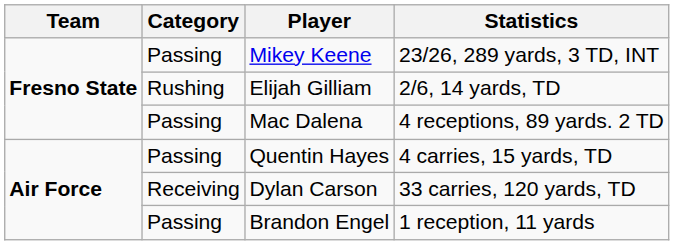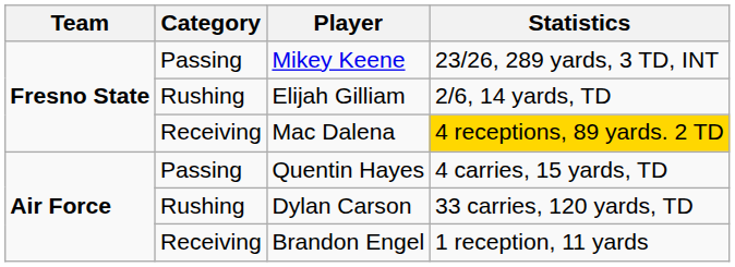 <table class="wikitable" style="float: right;">
 <tr>
 <th>Team</th>
 <th>Category</th>
 <th>Player</th>
 <th>Statistics</th>
 </tr>
 <tr>
 <td rowspan=3><strong>Fresno State</strong></td>
 <td>Passing</td>
 <td><a href='#'>Mikey Keene</a></td>
 <td>23/26, 289 yards, 3 TD, INT</td>
 </tr>
 <tr>
 <td>Rushing</td>
 <td>Elijah Gilliam</td>
 <td>2/6, 14 yards, TD</td>
 </tr>
 <tr>
-<td>Passing</td>
+<td>Receiving</td>
 <td>Mac Dalena</td>
-<td>4 receptions, 89 yards. 2 TD</td>
+<td style="background: gold;">4 receptions, 89 yards. 2 TD</td>
 </tr>
 <tr>
 <td rowspan=3><strong>Air Force</strong></td>
 <td>Passing</td>
 <td>Quentin Hayes</td>
 <td>4 carries, 15 yards, TD</td>
 </tr>
 <tr>
-<td>Receiving</td>
+<td>Rushing</td>
 <td>Dylan Carson</td>
 <td>33 carries, 120 yards, TD</td>
 </tr>
 <tr>
-<td>Passing</td>
+<td>Receiving</td>
 <td>Brandon Engel</td>
 <td>1 reception, 11 yards</td>
 </tr>
 </table>
